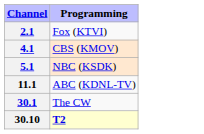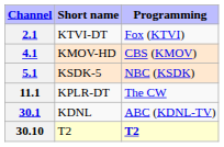 <table class="wikitable">
 <tr>
 <th style="background-color: #bdbdff" scope = "col"><a href='#'>Channel</a></th>
+<th style="background-color: #bdbdff" scope = "col">Short name</th>
 <th style="background-color: #bdbdff" scope = "col">Programming</th>
 </tr>
 <tr>
 <th scope = "row"><a href='#'>2.1</a></th>
+<td>KTVI-DT</td>
 <td><a href='#'>Fox</a> (<a href='#'>KTVI</a>)</td>
 </tr>
 <tr>
 <th scope = "row"><a href='#'>4.1</a></th>
+<td style="background-color:#ffe8d0">KMOV-HD</td>
 <td style="background-color:#ffe8d0"><a href='#'>CBS</a> (<a href='#'>KMOV</a>) </td>
 </tr>
 <tr>
 <th scope = "row"><a href='#'>5.1</a></th>
+<td style="background-color:#ffe8d0">KSDK-5</td>
 <td style="background-color:#ffe8d0"><a href='#'>NBC</a> (<a href='#'>KSDK</a>) </td>
 </tr>
 <tr>
 <th scope = "row">11.1</th>
+<td>KPLR-DT</td>
+<td><a href='#'>The CW</a></td>
+</tr>
+<tr>
+<th scope = "row"><a href='#'>30.1</a></th>
+<td>KDNL</td>
 <td><a href='#'>ABC</a> (<a href='#'>KDNL-TV</a>)</td>
 </tr>
 <tr>
-<th scope = "row"><a href='#'>30.1</a></th>
-<td><a href='#'>The CW</a></td>
-</tr>
-<tr>
 <th scope = "row">30.10</th>
+<td style="background-color:#ffffd0">T2</td>
 <td style="background-color:#ffffd0"><strong><a href='#'>T2</a></strong></td>
 </tr>
 </table>
